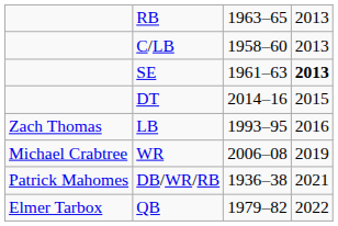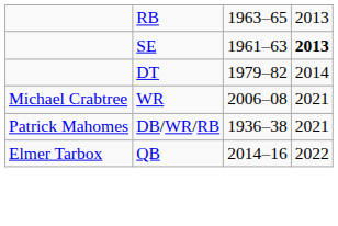 <table class="wikitable">
 <tr>
 <td align="left"></td>
 <td align="left"><a href='#'>RB</a></td>
 <td align="left">1963–65</td>
-<td align="left">2013</td>
-</tr>
-<tr>
-<td align="left"></td>
-<td align="left"><a href='#'>C</a>/<a href='#'>LB</a></td>
-<td align="left">1958–60</td>
 <td align="left">2013</td>
 </tr>
 <tr>
 <td align="left"></td>
 <td align="left"><a href='#'>SE</a></td>
 <td align="left">1961–63</td>
 <td align="left"><strong>2013</strong></td>
 </tr>
 <tr>
 <td align="left"></td>
 <td align="left"><a href='#'>DT</a></td>
-<td>2014–16</td>
-<td align="left">2015</td>
-</tr>
-<tr>
-<td><a href='#'>Zach Thomas</a></td>
-<td><a href='#'>LB</a></td>
-<td>1993–95</td>
-<td>2016</td>
+<td align="left">1979–82</td>
+<td align="left">2014</td>
 </tr>
 <tr>
 <td><a href='#'>Michael Crabtree</a></td>
 <td><a href='#'>WR</a></td>
 <td>2006–08</td>
-<td>2019</td>
+<td>2021</td>
 </tr>
 <tr>
 <td><a href='#'>Patrick Mahomes</a></td>
 <td><a href='#'>DB</a>/<a href='#'>WR</a>/<a href='#'>RB</a></td>
 <td>1936–38</td>
 <td>2021</td>
 </tr>
 <tr>
 <td><a href='#'>Elmer Tarbox</a></td>
 <td><a href='#'>QB</a></td>
-<td align="left">1979–82</td>
+<td>2014–16</td>
 <td>2022</td>
 </tr>
 </table>
